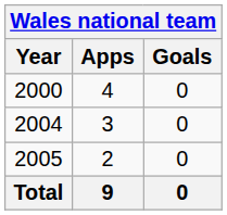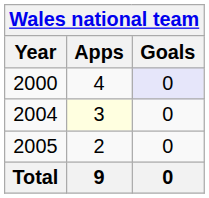 <table class="wikitable" style="text-align:center">
 <tr>
 <th colspan=3><a href='#'>Wales national team</a></th>
 </tr>
 <tr>
 <th>Year</th>
 <th>Apps</th>
 <th>Goals</th>
 </tr>
 <tr>
 <td>2000</td>
 <td>4</td>
-<td>0</td>
+<td style="background: lavender;">0</td>
 </tr>
 <tr>
 <td>2004</td>
-<td>3</td>
+<td style="background: lightyellow;">3</td>
 <td>0</td>
 </tr>
 <tr>
 <td>2005</td>
 <td>2</td>
 <td>0</td>
 </tr>
 <tr>
 <th>Total</th>
 <th>9</th>
 <th>0</th>
 </tr>
 </table>
